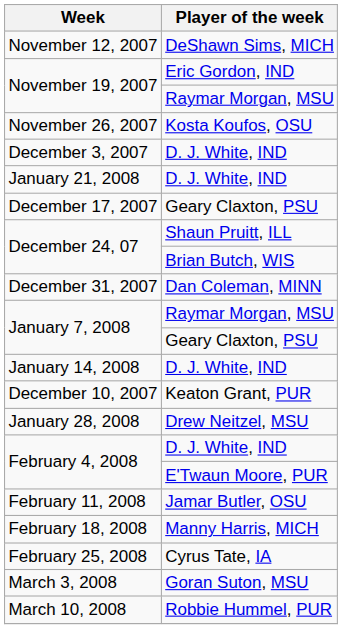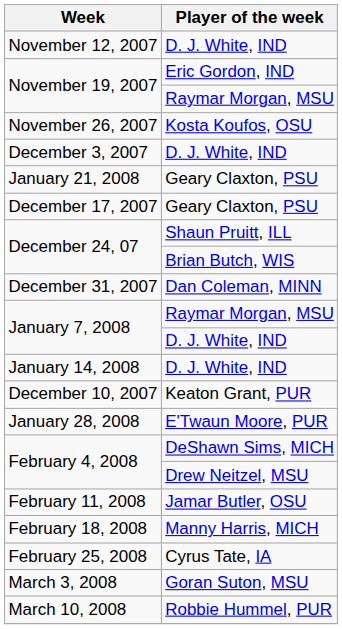 <table class="wikitable" border="1">
 <tr>
 <th>Week</th>
 <th>Player of the week</th>
 </tr>
 <tr>
 <td>November 12, 2007</td>
-<td><a href='#'>DeShawn Sims</a>, <a href='#'>MICH</a></td>
+<td><a href='#'>D. J. White</a>, <a href='#'>IND</a></td>
 </tr>
 <tr>
 <td rowspan=2 valign=middle>November 19, 2007</td>
 <td><a href='#'>Eric Gordon</a>, <a href='#'>IND</a></td>
 </tr>
 <tr>
 <td><a href='#'>Raymar Morgan</a>, <a href='#'>MSU</a></td>
 </tr>
 <tr>
 <td>November 26, 2007</td>
 <td><a href='#'>Kosta Koufos</a>, <a href='#'>OSU</a></td>
 </tr>
 <tr>
 <td>December 3, 2007</td>
 <td><a href='#'>D. J. White</a>, <a href='#'>IND</a></td>
 </tr>
 <tr>
 <td>January 21, 2008</td>
-<td><a href='#'>D. J. White</a>, <a href='#'>IND</a></td>
+<td>Geary Claxton, <a href='#'>PSU</a></td>
 </tr>
 <tr>
 <td>December 17, 2007</td>
 <td>Geary Claxton, <a href='#'>PSU</a></td>
 </tr>
 <tr>
 <td rowspan=2 valign=middle>December 24, 07</td>
 <td><a href='#'>Shaun Pruitt</a>, <a href='#'>ILL</a></td>
 </tr>
 <tr>
 <td><a href='#'>Brian Butch</a>, <a href='#'>WIS</a></td>
 </tr>
 <tr>
 <td>December 31, 2007</td>
 <td><a href='#'>Dan Coleman</a>, <a href='#'>MINN</a></td>
 </tr>
 <tr>
 <td rowspan=2 valign=middle>January 7, 2008</td>
 <td><a href='#'>Raymar Morgan</a>, <a href='#'>MSU</a></td>
 </tr>
 <tr>
-<td>Geary Claxton, <a href='#'>PSU</a></td>
+<td><a href='#'>D. J. White</a>, <a href='#'>IND</a></td>
 </tr>
 <tr>
 <td>January 14, 2008</td>
 <td><a href='#'>D. J. White</a>, <a href='#'>IND</a></td>
 </tr>
 <tr>
 <td>December 10, 2007</td>
 <td>Keaton Grant, <a href='#'>PUR</a></td>
 </tr>
 <tr>
 <td>January 28, 2008</td>
-<td><a href='#'>Drew Neitzel</a>, <a href='#'>MSU</a></td>
+<td><a href='#'>E'Twaun Moore</a>, <a href='#'>PUR</a></td>
 </tr>
 <tr>
 <td rowspan=2 valign=middle>February 4, 2008</td>
-<td><a href='#'>D. J. White</a>, <a href='#'>IND</a></td>
+<td><a href='#'>DeShawn Sims</a>, <a href='#'>MICH</a></td>
 </tr>
 <tr>
-<td><a href='#'>E'Twaun Moore</a>, <a href='#'>PUR</a></td>
+<td><a href='#'>Drew Neitzel</a>, <a href='#'>MSU</a></td>
 </tr>
 <tr>
 <td>February 11, 2008</td>
 <td><a href='#'>Jamar Butler</a>, <a href='#'>OSU</a></td>
 </tr>
 <tr>
 <td>February 18, 2008</td>
 <td><a href='#'>Manny Harris</a>, <a href='#'>MICH</a></td>
 </tr>
 <tr>
 <td>February 25, 2008</td>
 <td>Cyrus Tate, <a href='#'>IA</a></td>
 </tr>
 <tr>
 <td>March 3, 2008</td>
 <td><a href='#'>Goran Suton</a>, <a href='#'>MSU</a></td>
 </tr>
 <tr>
 <td>March 10, 2008</td>
 <td><a href='#'>Robbie Hummel</a>, <a href='#'>PUR</a></td>
 </tr>
 <tr>
 </tr>
 </table>
